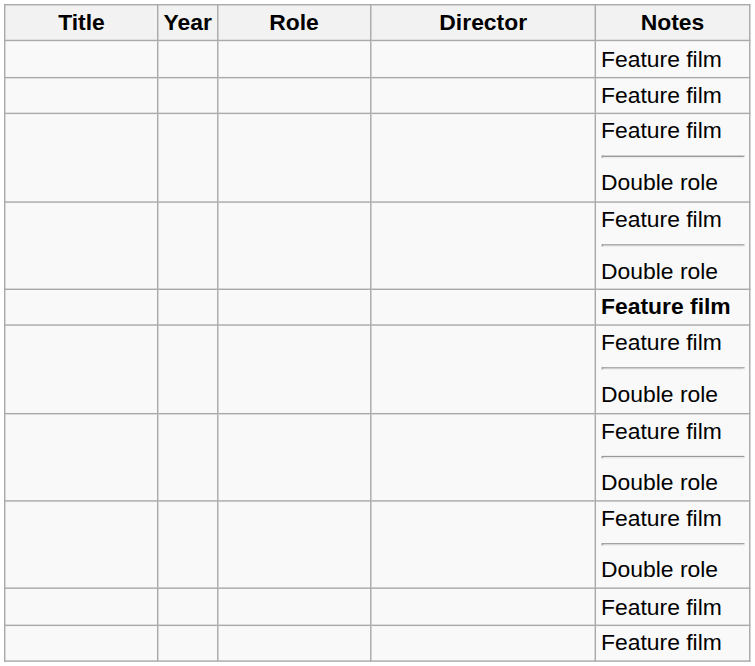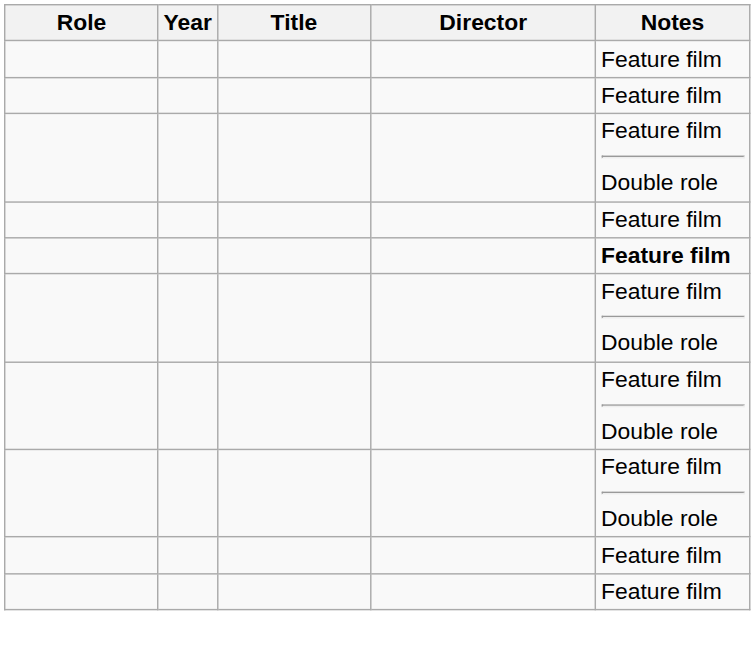 <table class="wikitable sortable plainrowheaders" style=text-align:center;>
 <tr>
+<th scope=col style=width:100px;>Role</th>
+<th scope=col style=width:5px;>Year</th>
 <th scope=col style=width:100px;>Title</th>
-<th scope=col style=width:5px;>Year</th>
-<th scope=col style=width:100px;>Role</th>
 <th scope=col style=width:150px;>Director</th>
 <th scope=col style=width:100px; class=unsortable>Notes</th>
 </tr>
 <tr>
-<td scope="row" align="left"><em></em></td>
 <td></td>
 <td></td>
+<td scope="row" align="left"><em></em></td>
 <td></td>
 <td style=text-align:left;>Feature film</td>
 </tr>
 <tr>
-<td scope="row" align="left"><em></em></td>
 <td></td>
 <td></td>
+<td scope="row" align="left"><em></em></td>
 <td></td>
 <td style=text-align:left;>Feature film</td>
 </tr>
 <tr>
-<td scope="row" align="left"><em></em></td>
 <td></td>
 <td></td>
+<td scope="row" align="left"><em></em></td>
 <td></td>
 <td style=text-align:left;>Feature film<hr>Double role</td>
 </tr>
 <tr>
+<td></td>
+<td></td>
 <td scope="row" align="left"><em></em></td>
 <td></td>
+<td style=text-align:left;>Feature film</td>
+</tr>
+<tr>
 <td></td>
+<td></td>
+<td scope="row" align="left"><em></em></td>
+<td></td>
+<td style=text-align:left;><strong>Feature film</strong></td>
+</tr>
+<tr>
+<td></td>
+<td></td>
+<td scope="row" align="left"><em></em></td>
 <td></td>
 <td style=text-align:left;>Feature film<hr>Double role</td>
 </tr>
 <tr>
-<td scope="row" align="left"><em></em></td>
 <td></td>
 <td></td>
-<td></td>
-<td style=text-align:left;><strong>Feature film</strong></td>
-</tr>
-<tr>
 <td scope="row" align="left"><em></em></td>
-<td></td>
-<td></td>
 <td></td>
 <td style=text-align:left;>Feature film<hr>Double role</td>
 </tr>
 <tr>
-<td scope="row" align="left"><em></em></td>
 <td></td>
 <td></td>
+<td scope="row" align="left"><em></em></td>
 <td></td>
 <td style=text-align:left;>Feature film<hr>Double role</td>
 </tr>
 <tr>
-<td scope="row" align="left"><em></em></td>
 <td></td>
 <td></td>
-<td></td>
-<td style=text-align:left;>Feature film<hr>Double role</td>
-</tr>
-<tr>
 <td scope="row" align="left"><em></em></td>
-<td></td>
-<td></td>
 <td></td>
 <td style=text-align:left;>Feature film</td>
 </tr>
 <tr>
-<td scope="row" align="left"><em></em></td>
 <td></td>
 <td></td>
+<td scope="row" align="left"><em></em></td>
 <td></td>
 <td style=text-align:left;>Feature film</td>
 </tr>
 </table>
